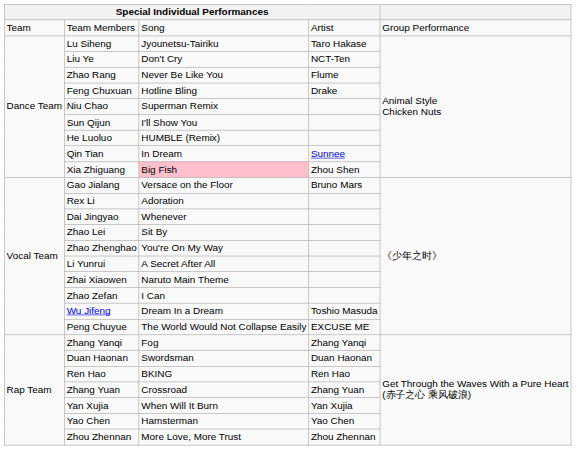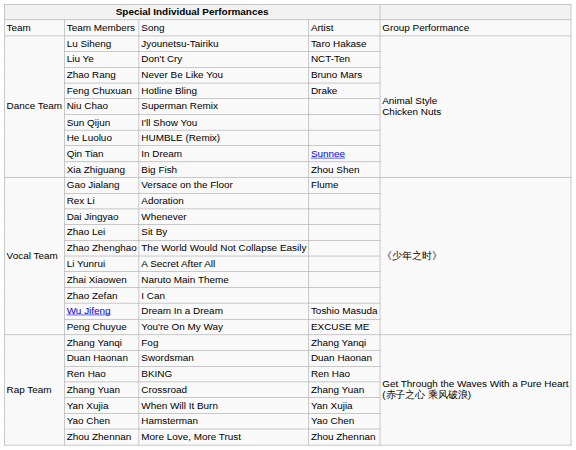 <table class="wikitable">
 <tr>
 <th colspan="4">Special Individual Performances</th>
 <th></th>
 </tr>
 <tr>
 <td>Team</td>
 <td>Team Members</td>
 <td>Song</td>
 <td>Artist</td>
 <td>Group Performance</td>
 </tr>
 <tr>
 <td rowspan="9">Dance Team</td>
 <td>Lu Siheng</td>
 <td>Jyounetsu-Tairiku</td>
 <td>Taro Hakase</td>
 <td rowspan="9">Animal Style<br>Chicken Nuts</td>
 </tr>
 <tr>
 <td>Liu Ye</td>
 <td>Don't Cry</td>
 <td>NCT-Ten</td>
 </tr>
 <tr>
 <td>Zhao Rang</td>
 <td>Never Be Like You</td>
-<td>Flume</td>
+<td>Bruno Mars</td>
 </tr>
 <tr>
 <td>Feng Chuxuan</td>
 <td>Hotline Bling</td>
 <td>Drake</td>
 </tr>
 <tr>
 <td>Niu Chao</td>
 <td>Superman Remix</td>
 <td></td>
 </tr>
 <tr>
 <td>Sun Qijun</td>
 <td>I'll Show You</td>
 <td></td>
 </tr>
 <tr>
 <td>He Luoluo</td>
 <td>HUMBLE (Remix)</td>
 <td></td>
 </tr>
 <tr>
 <td>Qin Tian</td>
 <td>In Dream</td>
 <td><a href='#'>Sunnee</a></td>
 </tr>
 <tr>
 <td>Xia Zhiguang</td>
-<td style="background: pink;">Big Fish</td>
+<td>Big Fish</td>
 <td>Zhou Shen</td>
 </tr>
 <tr>
 <td rowspan="10">Vocal Team</td>
 <td>Gao Jialang</td>
 <td>Versace on the Floor</td>
-<td>Bruno Mars</td>
+<td>Flume</td>
 <td rowspan="10">《少年之时》</td>
 </tr>
 <tr>
 <td>Rex Li</td>
 <td>Adoration</td>
 <td></td>
 </tr>
 <tr>
 <td>Dai Jingyao</td>
 <td>Whenever</td>
 <td></td>
 </tr>
 <tr>
 <td>Zhao Lei</td>
 <td>Sit By</td>
 <td></td>
 </tr>
 <tr>
 <td>Zhao Zhenghao</td>
-<td>You're On My Way</td>
+<td>The World Would Not Collapse Easily</td>
 <td></td>
 </tr>
 <tr>
 <td>Li Yunrui</td>
 <td>A Secret After All</td>
 <td></td>
 </tr>
 <tr>
 <td>Zhai Xiaowen</td>
 <td>Naruto Main Theme</td>
 <td></td>
 </tr>
 <tr>
 <td>Zhao Zefan</td>
 <td>I Can</td>
 <td></td>
 </tr>
 <tr>
 <td><a href='#'>Wu Jifeng</a></td>
 <td>Dream In a Dream</td>
 <td>Toshio Masuda</td>
 </tr>
 <tr>
 <td>Peng Chuyue</td>
-<td>The World Would Not Collapse Easily</td>
+<td>You're On My Way</td>
 <td>EXCUSE ME</td>
 </tr>
 <tr>
 <td rowspan="7">Rap Team</td>
 <td>Zhang Yanqi</td>
 <td>Fog</td>
 <td>Zhang Yanqi</td>
 <td rowspan="7">Get Through the Waves With a Pure Heart<br>(赤子之心 乘风破浪)</td>
 </tr>
 <tr>
 <td>Duan Haonan</td>
 <td>Swordsman</td>
 <td>Duan Haonan</td>
 </tr>
 <tr>
 <td>Ren Hao</td>
 <td>BKING</td>
 <td>Ren Hao</td>
 </tr>
 <tr>
 <td>Zhang Yuan</td>
 <td>Crossroad</td>
 <td>Zhang Yuan</td>
 </tr>
 <tr>
 <td>Yan Xujia</td>
 <td>When Will It Burn</td>
 <td>Yan Xujia</td>
 </tr>
 <tr>
 <td>Yao Chen</td>
 <td>Hamsterman</td>
 <td>Yao Chen</td>
 </tr>
 <tr>
 <td>Zhou Zhennan</td>
 <td>More Love, More Trust</td>
 <td>Zhou Zhennan</td>
 </tr>
 </table>
